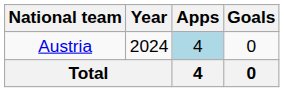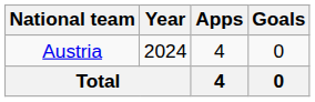 <table class="wikitable" style="text-align:center">
 <tr>
 <th>National team</th>
 <th>Year</th>
 <th>Apps</th>
 <th>Goals</th>
 </tr>
 <tr>
 <td rowspan="1"><a href='#'>Austria</a></td>
 <td>2024</td>
-<td style="background: lightblue;">4</td>
+<td>4</td>
 <td>0</td>
 </tr>
 <tr>
 <th colspan="2">Total</th>
 <th>4</th>
 <th>0</th>
 </tr>
 </table>
